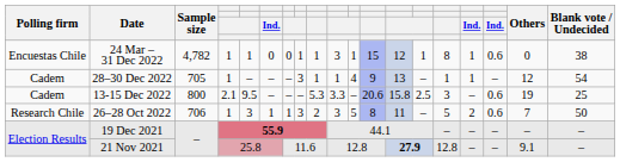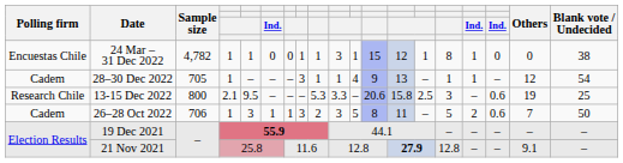 <table class="wikitable sortable" style="text-align:center;font-size:90%;line-height:14px;">
 <tr>
 <th rowspan="4">Polling firm</th>
 <th rowspan="4">Date</th>
 <th rowspan="4">Sample<br>size</th>
 <th></th>
 <th></th>
 <th></th>
 <th></th>
 <th></th>
 <th></th>
 <th></th>
 <th></th>
 <th></th>
 <th></th>
 <th></th>
 <th></th>
 <th></th>
 <th></th>
 <th rowspan="4" class="unsortable">Others</th>
 <th rowspan="4" class="unsortable">Blank vote /<br>Undecided</th>
 </tr>
 <tr>
 <th></th>
 <th></th>
 <th></th>
 <th></th>
 <th></th>
 <th></th>
 <th></th>
 <th></th>
 <th></th>
 <th></th>
 <th></th>
 <th></th>
 <th></th>
 <th></th>
 </tr>
 <tr>
 <th colspan=2></th>
 <th><small><a href='#'>Ind.</a></small></th>
 <th colspan=2></th>
 <th></th>
 <th colspan=2></th>
 <th></th>
 <th colspan="2"></th>
 <th></th>
 <th><small><a href='#'>Ind.</a></small></th>
 <th><small><a href='#'>Ind.</a></small></th>
 </tr>
 <tr>
 <th colspan=2 style="background:"></th>
 <th style="background:"></th>
 <th colspan=2 style="background:"></th>
 <th style="background:"></th>
 <th colspan=2 style="background:"></th>
 <th style="background:"></th>
 <th colspan=2 style="background:"></th>
 <th style="background:"></th>
 <th style="background:"></th>
 <th style="background:"></th>
 </tr>
 <tr>
 <td>Encuestas Chile</td>
 <td>24 Mar –<br>31 Dec 2022</td>
 <td>4,782</td>
 <td>1</td>
 <td>1</td>
 <td>0</td>
 <td>0</td>
 <td>1</td>
 <td>1</td>
 <td>3</td>
 <td>1</td>
 <td style="background:#ABB7F2">15</td>
 <td style="background:#CAD5E9">12</td>
 <td>1</td>
 <td>8</td>
 <td>1</td>
-<td>0.6</td>
+<td>0</td>
 <td>0</td>
 <td>38</td>
 </tr>
 <tr>
 <td>Cadem</td>
 <td>28–30 Dec 2022</td>
 <td>705</td>
 <td>1</td>
 <td>–</td>
 <td>–</td>
 <td>–</td>
 <td>3</td>
 <td>1</td>
 <td>1</td>
 <td>4</td>
 <td style="background:#ABB7F2">9</td>
 <td style="background:#CAD5E9">13</td>
 <td>–</td>
 <td>1</td>
 <td>1</td>
 <td>–</td>
 <td>12</td>
 <td>54</td>
 </tr>
 <tr>
-<td>Cadem</td>
+<td>Research Chile</td>
 <td>13-15 Dec 2022</td>
 <td>800</td>
 <td>2.1</td>
 <td>9.5</td>
 <td>–</td>
 <td>–</td>
 <td>–</td>
 <td>5.3</td>
 <td>3.3</td>
 <td>–</td>
 <td style="background:#ABB7F2">20.6</td>
 <td style="background:#CAD5E9">15.8</td>
 <td>2.5</td>
 <td>3</td>
 <td>–</td>
 <td>0.6</td>
 <td>19</td>
 <td>25</td>
 </tr>
 <tr>
-<td>Research Chile</td>
+<td>Cadem</td>
 <td>26–28 Oct 2022</td>
 <td>706</td>
 <td>1</td>
 <td>3</td>
 <td>1</td>
 <td>1</td>
 <td>3</td>
 <td>2</td>
 <td>3</td>
 <td>5</td>
 <td style="background:#ABB7F2">8</td>
 <td style="background:#CAD5E9">11</td>
 <td>–</td>
 <td>5</td>
 <td>2</td>
 <td>0.6</td>
 <td>7</td>
 <td>50</td>
 </tr>
 <tr style="background:#E9E9E9;">
 <td rowspan="2"><a href='#'>Election Results</a></td>
 <td>19 Dec 2021</td>
 <td rowspan="2">–</td>
 <td colspan="6" style="background:#E07484"><strong>55.9</strong></td>
 <td colspan="5">44.1</td>
 <td>–</td>
 <td>–</td>
 <td>–</td>
 <td>–</td>
 <td>–</td>
 </tr>
 <tr style="background:#E9E9E9;">
 <td>21 Nov 2021</td>
 <td colspan="3"  style="background:#E2A5AE">25.8</td>
 <td colspan="3">11.6</td>
 <td colspan="3">12.8</td>
 <td colspan="2" style="background:#CAD5E9"><strong>27.9</strong></td>
 <td>12.8</td>
 <td>–</td>
 <td>–</td>
 <td>9.1</td>
 <td>–</td>
 </tr>
 </table>
